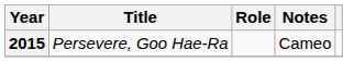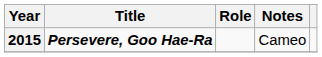 <table class="wikitable plainrowheaders sortable">
 <tr>
 <th scope="col">Year</th>
 <th scope="col">Title</th>
 <th scope="col">Role</th>
 <th scope="col">Notes</th>
 <th scope="col" class="unsortable"></th>
 </tr>
 <tr>
 <th scope="row">2015</th>
-<td><em>Persevere, Goo Hae-Ra</em></td>
+<td><strong><em>Persevere, Goo Hae-Ra</em></strong></td>
 <td></td>
 <td>Cameo</td>
 <td></td>
 </tr>
 <tr>
 </tr>
 </table>
